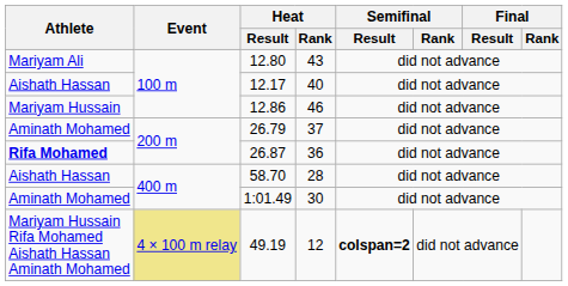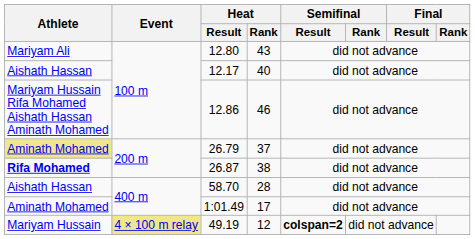 <table class="wikitable" style="font-size:90%; text-align:center">
 <tr>
 <th rowspan=2>Athlete</th>
 <th rowspan=2>Event</th>
 <th colspan=2>Heat</th>
 <th colspan=2>Semifinal</th>
 <th colspan=2>Final</th>
 </tr>
 <tr style="font-size:95%">
 <th>Result</th>
 <th>Rank</th>
 <th>Result</th>
 <th>Rank</th>
 <th>Result</th>
 <th>Rank</th>
 </tr>
 <tr>
 <td align=left><a href='#'>Mariyam Ali</a></td>
 <td align=left rowspan=3><a href='#'>100 m</a></td>
 <td>12.80</td>
 <td>43</td>
 <td colspan=4>did not advance</td>
 </tr>
 <tr>
 <td align=left><a href='#'>Aishath Hassan</a></td>
 <td>12.17</td>
 <td>40</td>
 <td colspan=4>did not advance</td>
 </tr>
 <tr>
-<td align=left><a href='#'>Mariyam Hussain</a></td>
+<td align=left><a href='#'>Mariyam Hussain</a><br><a href='#'>Rifa Mohamed</a><br><a href='#'>Aishath Hassan</a><br><a href='#'>Aminath Mohamed</a></td>
 <td>12.86</td>
 <td>46</td>
 <td colspan=4>did not advance</td>
 </tr>
 <tr>
-<td align=left><a href='#'>Aminath Mohamed</a></td>
+<td align=left style="background: khaki;"><a href='#'>Aminath Mohamed</a></td>
 <td align=left rowspan=2><a href='#'>200 m</a></td>
 <td>26.79</td>
 <td>37</td>
 <td colspan=4>did not advance</td>
 </tr>
 <tr>
 <td align=left><strong><a href='#'>Rifa Mohamed</a></strong></td>
 <td>26.87</td>
-<td>36</td>
+<td>38</td>
 <td colspan=4>did not advance</td>
 </tr>
 <tr>
 <td align=left><a href='#'>Aishath Hassan</a></td>
 <td align=left rowspan=2><a href='#'>400 m</a></td>
 <td>58.70</td>
 <td>28</td>
 <td colspan=4>did not advance</td>
 </tr>
 <tr>
 <td align=left><a href='#'>Aminath Mohamed</a></td>
 <td>1:01.49</td>
-<td>30</td>
+<td>17</td>
 <td colspan=4>did not advance</td>
 </tr>
 <tr>
-<td align=left><a href='#'>Mariyam Hussain</a><br><a href='#'>Rifa Mohamed</a><br><a href='#'>Aishath Hassan</a><br><a href='#'>Aminath Mohamed</a></td>
+<td align=left><a href='#'>Mariyam Hussain</a></td>
 <td align=left style="background: khaki;"><a href='#'>4 × 100 m relay</a></td>
 <td>49.19</td>
 <td>12</td>
 <td><strong>colspan=2 </strong></td>
 <td colspan=2>did not advance</td>
 </tr>
 </table>
